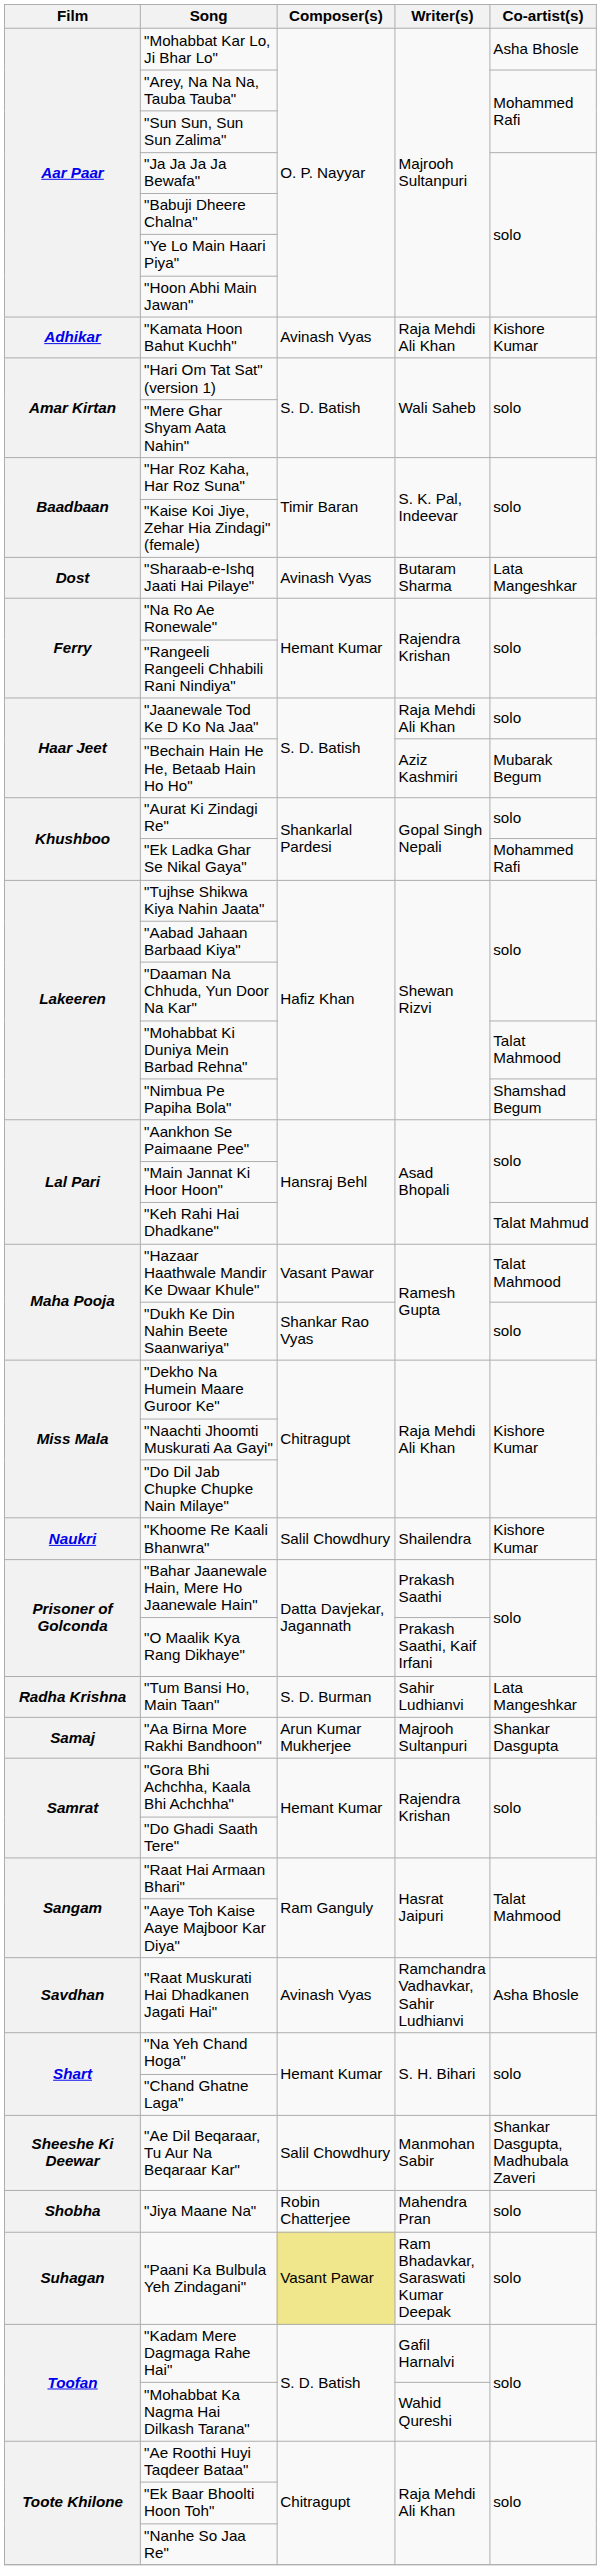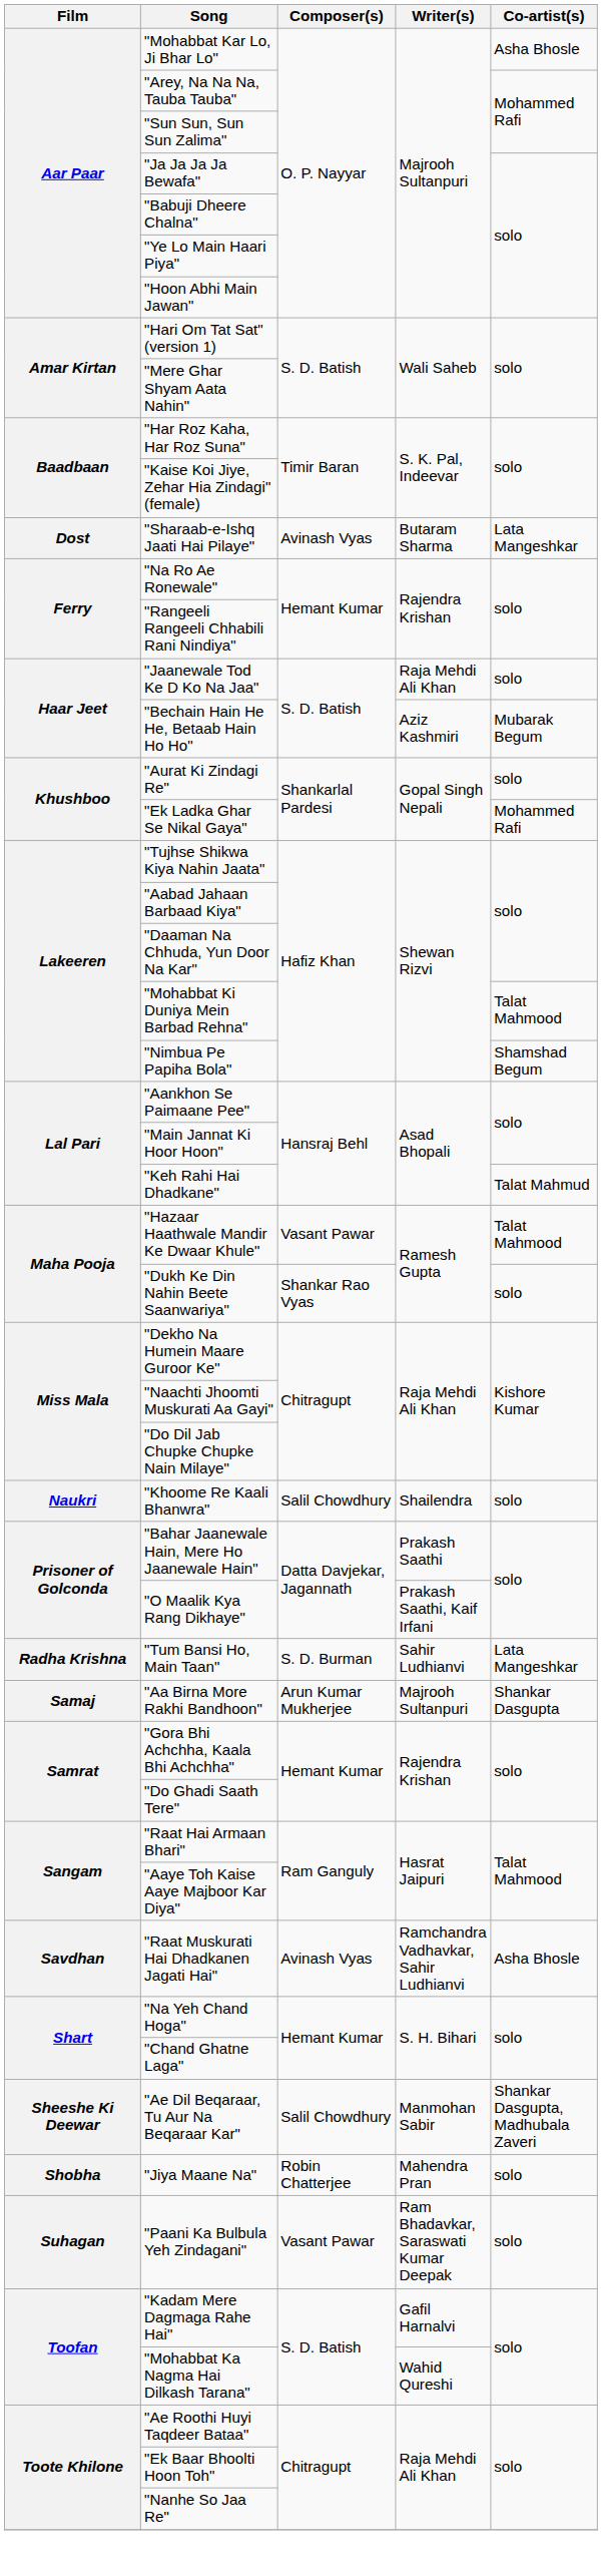 <table class="wikitable plainrowheaders" width="100%" textcolor:#000;">
 <tr style="background:#b0e0e66;">
 <th scope="col" width=23%><strong>Film</strong></th>
 <th scope="col" width=23%><strong>Song</strong></th>
 <th scope="col" width=20%><strong>Composer(s)</strong></th>
 <th scope="col" width=16%><strong>Writer(s)</strong></th>
 <th scope="col" width=18%><strong>Co-artist(s)</strong></th>
 </tr>
 <tr>
 <th Rowspan=7><em><a href='#'>Aar Paar</a></em></th>
 <td>"Mohabbat Kar Lo, Ji Bhar Lo"</td>
 <td rowspan=7>O. P. Nayyar</td>
 <td rowspan=7>Majrooh Sultanpuri</td>
 <td>Asha Bhosle</td>
 </tr>
 <tr>
 <td>"Arey, Na Na Na, Tauba Tauba"</td>
 <td rowspan=2>Mohammed Rafi</td>
 </tr>
 <tr>
 <td>"Sun Sun, Sun Sun Zalima"</td>
 </tr>
 <tr>
 <td>"Ja Ja Ja Ja Bewafa"</td>
 <td rowspan=4>solo</td>
 </tr>
 <tr>
 <td>"Babuji Dheere Chalna"</td>
 </tr>
 <tr>
 <td>"Ye Lo Main Haari Piya"</td>
 </tr>
 <tr>
 <td>"Hoon Abhi Main Jawan"</td>
-</tr>
-<tr>
-<th rowspan=1><em><a href='#'>Adhikar</a></em></th>
-<td>"Kamata Hoon Bahut Kuchh"</td>
-<td rowspan=1>Avinash Vyas</td>
-<td rowspan=1>Raja Mehdi Ali Khan</td>
-<td rowspan=1>Kishore Kumar</td>
 </tr>
 <tr>
 <th rowspan=2><em>Amar Kirtan</em></th>
 <td>"Hari Om Tat Sat" (version 1)</td>
 <td rowspan=2>S. D. Batish</td>
 <td rowspan=2>Wali Saheb</td>
 <td rowspan=2>solo</td>
 </tr>
 <tr>
 <td>"Mere Ghar Shyam Aata Nahin"</td>
 </tr>
 <tr>
 <th Rowspan=2><em>Baadbaan</em></th>
 <td>"Har Roz Kaha, Har Roz Suna"</td>
 <td rowspan=2>Timir Baran</td>
 <td rowspan=2>S. K. Pal, Indeevar</td>
 <td rowspan=2>solo</td>
 </tr>
 <tr>
 <td>"Kaise Koi Jiye, Zehar Hia Zindagi" (female)</td>
 </tr>
 <tr>
 <th><em>Dost</em></th>
 <td>"Sharaab-e-Ishq Jaati Hai Pilaye"</td>
 <td rowspan=1>Avinash Vyas</td>
 <td>Butaram Sharma</td>
 <td>Lata Mangeshkar</td>
 </tr>
 <tr>
 <th Rowspan=2><em>Ferry</em></th>
 <td>"Na Ro Ae Ronewale"</td>
 <td Rowspan=2>Hemant Kumar</td>
 <td Rowspan=2>Rajendra Krishan</td>
 <td rowspan=2>solo</td>
 </tr>
 <tr>
 <td>"Rangeeli Rangeeli Chhabili Rani Nindiya"</td>
 </tr>
 <tr>
 <th Rowspan=2><em>Haar Jeet</em></th>
 <td>"Jaanewale Tod Ke D Ko Na Jaa"</td>
 <td rowspan=2>S. D. Batish</td>
 <td rowspan=1>Raja Mehdi Ali Khan</td>
 <td>solo</td>
 </tr>
 <tr>
 <td>"Bechain Hain He He, Betaab Hain Ho Ho"</td>
 <td>Aziz Kashmiri</td>
 <td>Mubarak Begum</td>
 </tr>
 <tr>
 <th Rowspan=2><em>Khushboo</em></th>
 <td>"Aurat Ki Zindagi Re"</td>
 <td rowspan=2>Shankarlal Pardesi</td>
 <td rowspan=2>Gopal Singh Nepali</td>
 <td>solo</td>
 </tr>
 <tr>
 <td>"Ek Ladka Ghar Se Nikal Gaya"</td>
 <td>Mohammed Rafi</td>
 </tr>
 <tr>
 <th Rowspan=5><em>Lakeeren</em></th>
 <td>"Tujhse Shikwa Kiya Nahin Jaata"</td>
 <td Rowspan=5>Hafiz Khan</td>
 <td Rowspan=5>Shewan Rizvi</td>
 <td Rowspan=3>solo</td>
 </tr>
 <tr>
 <td>"Aabad Jahaan Barbaad Kiya"</td>
 </tr>
 <tr>
 <td>"Daaman Na Chhuda, Yun Door Na Kar"</td>
 </tr>
 <tr>
 <td>"Mohabbat Ki Duniya Mein Barbad Rehna"</td>
 <td>Talat Mahmood</td>
 </tr>
 <tr>
 <td>"Nimbua Pe Papiha Bola"</td>
 <td>Shamshad Begum</td>
 </tr>
 <tr>
 <th Rowspan=3><em>Lal Pari</em></th>
 <td>"Aankhon Se Paimaane Pee"</td>
 <td Rowspan=3>Hansraj Behl</td>
 <td Rowspan=3>Asad Bhopali</td>
 <td Rowspan=2>solo</td>
 </tr>
 <tr>
 <td>"Main Jannat Ki Hoor Hoon"</td>
 </tr>
 <tr>
 <td>"Keh Rahi Hai Dhadkane"</td>
 <td>Talat Mahmud</td>
 </tr>
 <tr>
 <th Rowspan=2><em>Maha Pooja</em></th>
 <td>"Hazaar Haathwale Mandir Ke Dwaar Khule"</td>
 <td>Vasant Pawar</td>
 <td rowspan=2>Ramesh Gupta</td>
 <td>Talat Mahmood</td>
 </tr>
 <tr>
 <td>"Dukh Ke Din Nahin Beete Saanwariya"</td>
 <td>Shankar Rao Vyas</td>
 <td>solo</td>
 </tr>
 <tr>
 <th rowspan=3><em>Miss Mala</em></th>
 <td>"Dekho Na Humein Maare Guroor Ke"</td>
 <td rowspan=3>Chitragupt</td>
 <td rowspan=3>Raja Mehdi Ali Khan</td>
 <td rowspan=3>Kishore Kumar</td>
 </tr>
 <tr>
 <td>"Naachti Jhoomti Muskurati Aa Gayi"</td>
 </tr>
 <tr>
 <td>"Do Dil Jab Chupke Chupke Nain Milaye"</td>
 </tr>
 <tr>
 <th><em><a href='#'>Naukri</a></em></th>
 <td>"Khoome Re Kaali Bhanwra"</td>
 <td>Salil Chowdhury</td>
 <td>Shailendra</td>
-<td rowspan=1>Kishore Kumar</td>
+<td>solo</td>
 </tr>
 <tr>
 <th rowspan=2><em>Prisoner of Golconda</em></th>
 <td>"Bahar Jaanewale Hain, Mere Ho Jaanewale Hain"</td>
 <td rowspan=2>Datta Davjekar, Jagannath</td>
 <td>Prakash Saathi</td>
 <td rowspan=2>solo</td>
 </tr>
 <tr>
 <td>"O Maalik Kya Rang Dikhaye"</td>
 <td>Prakash Saathi, Kaif Irfani</td>
 </tr>
 <tr>
 <th><em>Radha Krishna</em></th>
 <td>"Tum Bansi Ho, Main Taan"</td>
 <td>S. D. Burman</td>
 <td>Sahir Ludhianvi</td>
 <td>Lata Mangeshkar</td>
 </tr>
 <tr>
 <th><em>Samaj</em></th>
 <td>"Aa Birna More Rakhi Bandhoon"</td>
 <td>Arun Kumar Mukherjee</td>
 <td>Majrooh Sultanpuri</td>
 <td>Shankar Dasgupta</td>
 </tr>
 <tr>
 <th rowspan=2><em>Samrat</em></th>
 <td>"Gora Bhi Achchha, Kaala Bhi Achchha"</td>
 <td rowspan=2>Hemant Kumar</td>
 <td rowspan=2>Rajendra Krishan</td>
 <td rowspan=2>solo</td>
 </tr>
 <tr>
 <td>"Do Ghadi Saath Tere"</td>
 </tr>
 <tr>
 <th rowspan=2><em>Sangam</em></th>
 <td>"Raat Hai Armaan Bhari"</td>
 <td rowspan=2>Ram Ganguly</td>
 <td rowspan=2>Hasrat Jaipuri</td>
 <td rowspan=2>Talat Mahmood</td>
 </tr>
 <tr>
 <td>"Aaye Toh Kaise Aaye Majboor Kar Diya"</td>
 </tr>
 <tr>
 <th><em>Savdhan</em></th>
 <td>"Raat Muskurati Hai Dhadkanen Jagati Hai"</td>
 <td>Avinash Vyas</td>
 <td>Ramchandra Vadhavkar, Sahir Ludhianvi</td>
 <td>Asha Bhosle</td>
 </tr>
 <tr>
 <th Rowspan=2><em><a href='#'>Shart</a></em></th>
 <td>"Na Yeh Chand Hoga"</td>
 <td rowspan=2>Hemant Kumar</td>
 <td rowspan=2>S. H. Bihari</td>
 <td rowspan=2>solo</td>
 </tr>
 <tr>
 <td>"Chand Ghatne Laga"</td>
 </tr>
 <tr>
 <th><em>Sheeshe Ki Deewar</em></th>
 <td>"Ae Dil Beqaraar, Tu Aur Na Beqaraar Kar"</td>
 <td>Salil Chowdhury</td>
 <td>Manmohan Sabir</td>
 <td>Shankar Dasgupta, Madhubala Zaveri</td>
 </tr>
 <tr>
 <th rowspan=1><em>Shobha</em></th>
 <td>"Jiya Maane Na"</td>
 <td Rowspan=1>Robin Chatterjee</td>
 <td rowspan=1>Mahendra Pran</td>
 <td rowspan=1>solo</td>
 </tr>
 <tr>
 <th rowspan=1><em>Suhagan</em></th>
 <td>"Paani Ka Bulbula Yeh Zindagani"</td>
-<td Rowspan=1 style="background: khaki;">Vasant Pawar</td>
+<td Rowspan=1>Vasant Pawar</td>
 <td rowspan=1>Ram Bhadavkar, Saraswati Kumar Deepak</td>
 <td rowspan=1>solo</td>
 </tr>
 <tr>
 <th Rowspan=2><em><a href='#'>Toofan</a></em></th>
 <td>"Kadam Mere Dagmaga Rahe Hai"</td>
 <td rowspan=2>S. D. Batish</td>
 <td>Gafil Harnalvi</td>
 <td rowspan=2>solo</td>
 </tr>
 <tr>
 <td>"Mohabbat Ka Nagma Hai Dilkash Tarana"</td>
 <td>Wahid Qureshi</td>
 </tr>
 <tr>
 <th Rowspan=3><em>Toote Khilone</em></th>
 <td>"Ae Roothi Huyi Taqdeer Bataa"</td>
 <td rowspan=3>Chitragupt</td>
 <td rowspan=3>Raja Mehdi Ali Khan</td>
 <td rowspan=3>solo</td>
 </tr>
 <tr>
 <td>"Ek Baar Bhoolti Hoon Toh"</td>
 </tr>
 <tr>
 <td>"Nanhe So Jaa Re"</td>
 </tr>
 <tr>
 </tr>
 </table>
